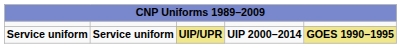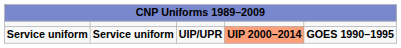 <table class="wikitable">
 <tr style="background:#7987cc;">
 <td colspan=9 style="text-align:center;"><strong>CNP Uniforms 1989–2009</strong></td>
 </tr>
 <tr style="text-align:center;">
 <td></td>
 <td></td>
 <td></td>
 <td></td>
 <td></td>
 </tr>
 <tr style="text-align:center;">
 <td style="text-align:center;"><strong>Service uniform</strong></td>
 <td style="text-align:center;"><strong>Service uniform</strong></td>
-<td style="background: khaki; text-align:center;"><strong>UIP/UPR</strong></td>
-<td style="text-align:center;"><strong>UIP 2000–2014</strong></td>
-<td style="background: khaki; text-align:center;"><strong>GOES 1990–1995</strong></td>
+<td style="text-align:center;"><strong>UIP/UPR</strong></td>
+<td style="background: lightsalmon; text-align:center;"><strong>UIP 2000–2014</strong></td>
+<td style="text-align:center;"><strong>GOES 1990–1995</strong></td>
 </tr>
 </table>
